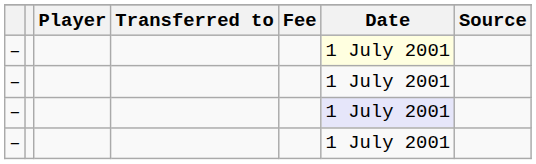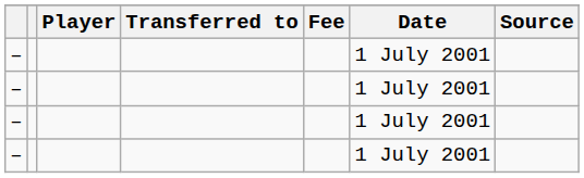 <table class="wikitable plainrowheaders sortable">
 <tr>
 </tr>
 <tr>
 <th></th>
 <th></th>
 <th scope=col>Player</th>
 <th !scope=col>Transferred to</th>
 <th scope=col>Fee</th>
 <th scope=col>Date</th>
 <th scope=col>Source</th>
 </tr>
 <tr>
 <td align=center>–</td>
 <td align=center></td>
 <td></td>
 <td></td>
 <td></td>
-<td style="background: lightyellow;">1 July 2001</td>
+<td>1 July 2001</td>
 <td></td>
 </tr>
 <tr>
 <td align=center>–</td>
 <td align=center></td>
 <td></td>
 <td></td>
 <td></td>
 <td>1 July 2001</td>
 <td></td>
 </tr>
 <tr>
 <td align=center>–</td>
 <td align=center></td>
 <td></td>
 <td></td>
 <td></td>
-<td style="background: lavender;">1 July 2001</td>
+<td>1 July 2001</td>
 <td></td>
 </tr>
 <tr>
 <td align=center>–</td>
 <td align=center></td>
 <td></td>
 <td></td>
 <td></td>
 <td>1 July 2001</td>
 <td></td>
 </tr>
 </table>
